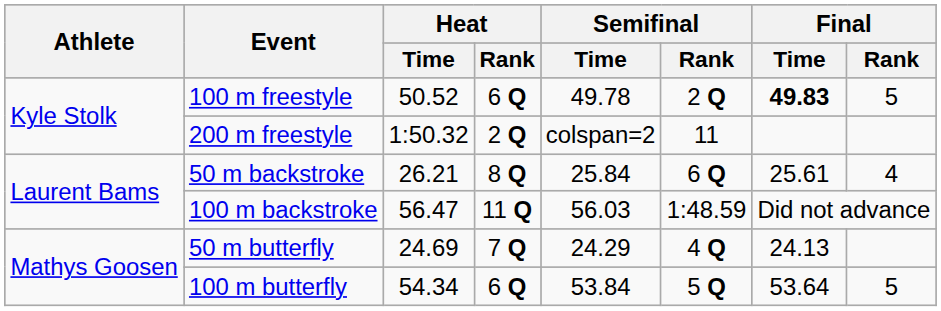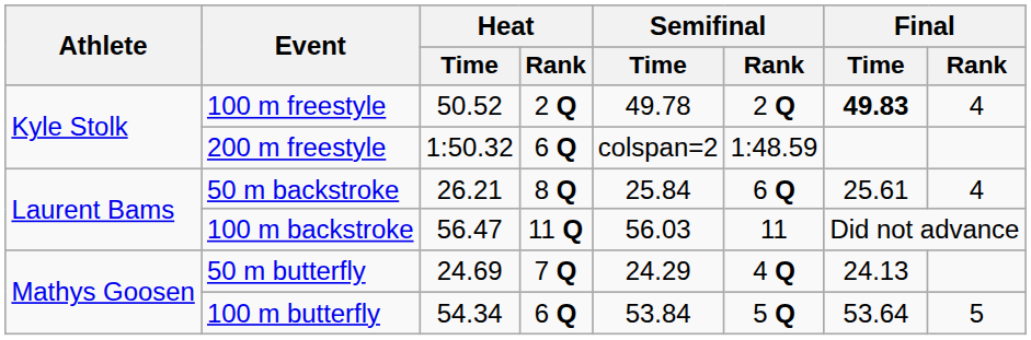 <table class=wikitable style="font-size:90%">
 <tr>
 <th rowspan=2>Athlete</th>
 <th rowspan=2>Event</th>
 <th colspan="2">Heat</th>
 <th colspan="2">Semifinal</th>
 <th colspan="2">Final</th>
 </tr>
 <tr style="font-size:95%">
 <th>Time</th>
 <th>Rank</th>
 <th>Time</th>
 <th>Rank</th>
 <th>Time</th>
 <th>Rank</th>
 </tr>
 <tr align=center>
 <td align=left rowspan=2><a href='#'>Kyle Stolk</a></td>
 <td align=left><a href='#'>100 m freestyle</a></td>
 <td>50.52</td>
-<td>6 <strong>Q</strong></td>
+<td>2 <strong>Q</strong></td>
 <td>49.78</td>
 <td>2 <strong>Q</strong></td>
 <td><strong>49.83</strong></td>
-<td>5</td>
+<td>4</td>
 </tr>
 <tr align=center>
 <td align=left><a href='#'>200 m freestyle</a></td>
 <td>1:50.32</td>
-<td>2 <strong>Q</strong></td>
+<td>6 <strong>Q</strong></td>
 <td>colspan=2 </td>
-<td>11</td>
+<td>1:48.59</td>
 <td></td>
 </tr>
 <tr align=center>
 <td align=left rowspan=2><a href='#'>Laurent Bams</a></td>
 <td align=left><a href='#'>50 m backstroke</a></td>
 <td>26.21</td>
 <td>8 <strong>Q</strong></td>
 <td>25.84</td>
 <td>6 <strong>Q</strong></td>
 <td>25.61</td>
 <td>4</td>
 </tr>
 <tr align=center>
 <td align=left><a href='#'>100 m backstroke</a></td>
 <td>56.47</td>
 <td>11 <strong>Q</strong></td>
 <td>56.03</td>
-<td>1:48.59</td>
+<td>11</td>
 <td colspan=2>Did not advance</td>
 </tr>
 <tr align=center>
 <td align=left rowspan=2><a href='#'>Mathys Goosen</a></td>
 <td align=left><a href='#'>50 m butterfly</a></td>
 <td>24.69</td>
 <td>7 <strong>Q</strong></td>
 <td>24.29</td>
 <td>4 <strong>Q</strong></td>
 <td>24.13</td>
 <td></td>
 </tr>
 <tr align=center>
 <td align=left><a href='#'>100 m butterfly</a></td>
 <td>54.34</td>
 <td>6 <strong>Q</strong></td>
 <td>53.84</td>
 <td>5 <strong>Q</strong></td>
 <td>53.64</td>
 <td>5</td>
 </tr>
 </table>
